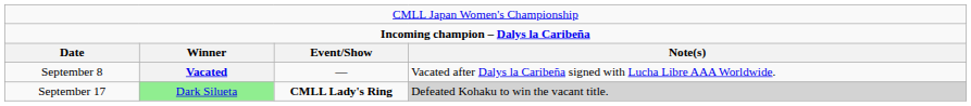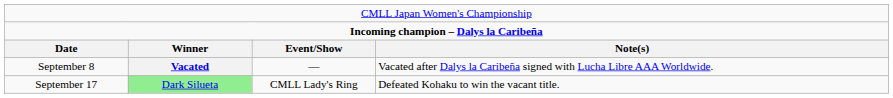 <table class="wikitable" style="text-align:center; width:100%;">
 <tr>
 <td colspan="5" style="text-align: center;"><a href='#'>CMLL Japan Women's Championship</a></td>
 </tr>
 <tr>
 <td colspan="5" style="text-align: center;"><strong>Incoming champion – <a href='#'>Dalys la Caribeña</a></strong></td>
 </tr>
 <tr>
 <th width=14%>Date</th>
 <th width=14%>Winner</th>
 <th width=14%>Event/Show</th>
 <th width=58%>Note(s)</th>
 </tr>
 <tr>
 <td>September 8</td>
 <th><a href='#'>Vacated</a></th>
 <td>—</td>
 <td align=left>Vacated after <a href='#'>Dalys la Caribeña</a> signed with <a href='#'>Lucha Libre AAA Worldwide</a>.</td>
 </tr>
 <tr>
 <td>September 17</td>
 <td style="background: lightgreen;"><a href='#'>Dark Silueta</a></td>
-<td><strong>CMLL Lady's Ring</strong></td>
-<td align=left style="background: lightgrey;">Defeated Kohaku to win the vacant title.</td>
+<td>CMLL Lady's Ring</td>
+<td align=left>Defeated Kohaku to win the vacant title.</td>
 </tr>
 </table>
